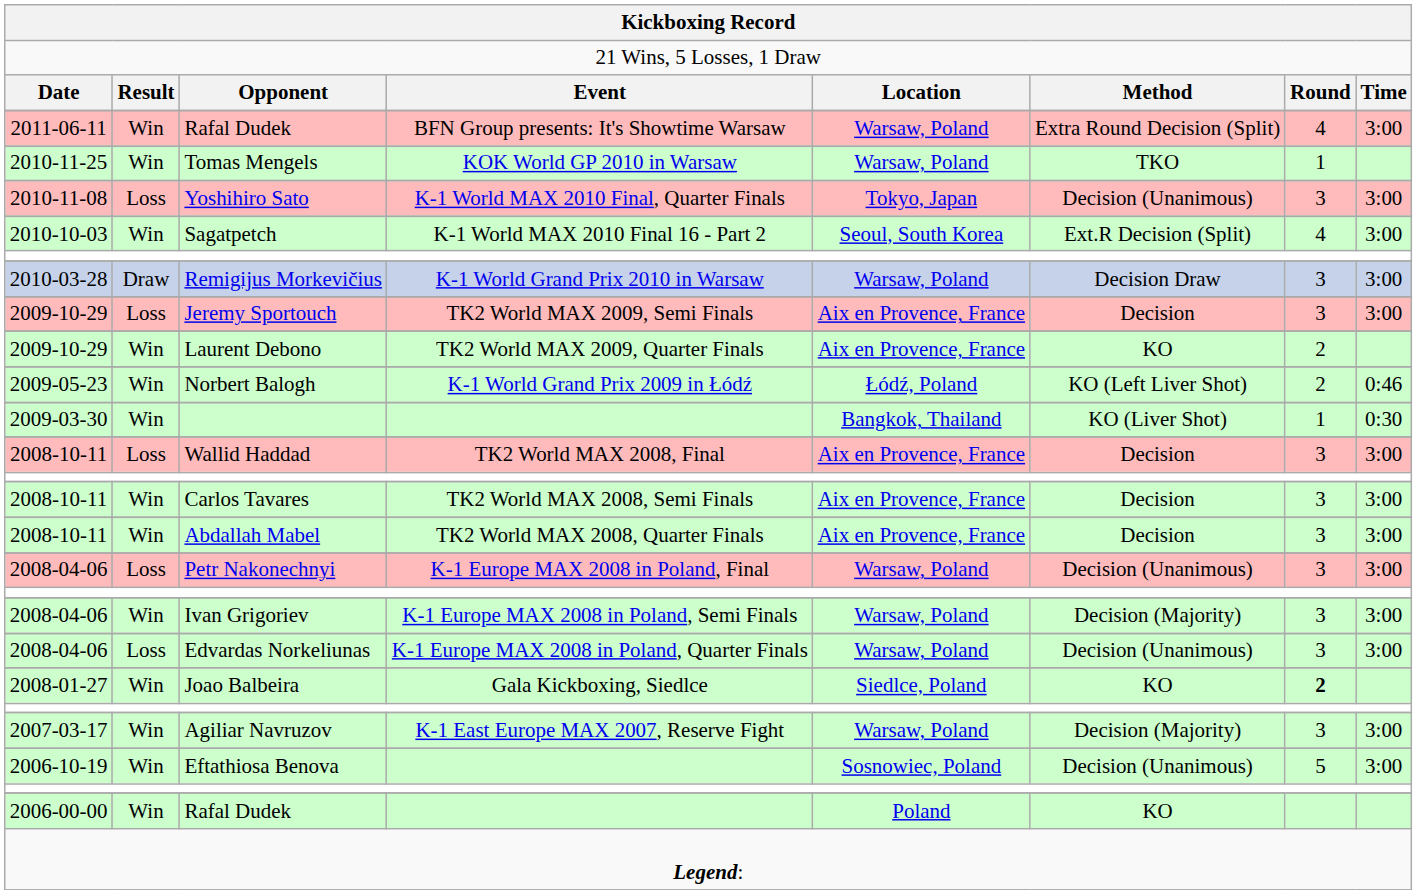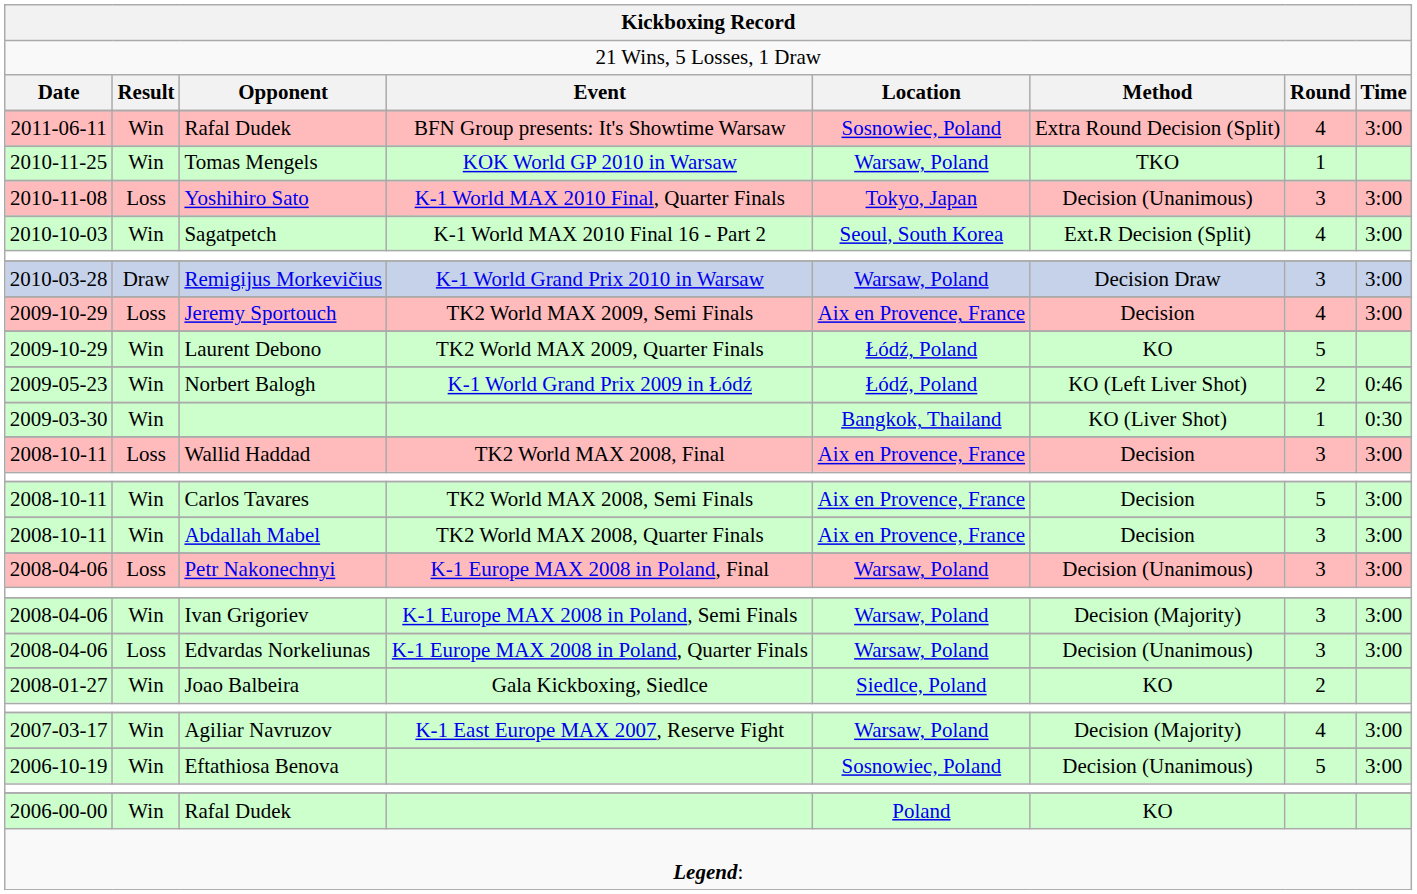 <table class="wikitable collapsible" style="text-align:center; font-size:88%;">
 <tr>
 <th colspan=8>Kickboxing Record</th>
 </tr>
 <tr valign="top">
 <td colspan=8>21 Wins, 5 Losses, 1 Draw</td>
 </tr>
 <tr>
 <th>Date</th>
 <th>Result</th>
 <th>Opponent</th>
 <th>Event</th>
 <th>Location</th>
 <th>Method</th>
 <th>Round</th>
 <th>Time</th>
 </tr>
 <tr>
 </tr>
 <tr bgcolor="#FFBBBB">
 <td>2011-06-11</td>
 <td>Win</td>
 <td align=left> Rafal Dudek</td>
 <td>BFN Group presents: It's Showtime Warsaw</td>
-<td><a href='#'>Warsaw, Poland</a></td>
+<td><a href='#'>Sosnowiec, Poland</a></td>
 <td>Extra Round Decision (Split)</td>
 <td>4</td>
 <td>3:00</td>
 </tr>
 <tr>
 </tr>
 <tr bgcolor="#CCFFCC">
 <td>2010-11-25</td>
 <td>Win</td>
 <td align=left> Tomas Mengels</td>
 <td><a href='#'>KOK World GP 2010 in Warsaw</a></td>
 <td><a href='#'>Warsaw, Poland</a></td>
 <td>TKO</td>
 <td>1</td>
 <td></td>
 </tr>
 <tr>
 </tr>
 <tr bgcolor="#FFBBBB">
 <td>2010-11-08</td>
 <td>Loss</td>
 <td align=left> <a href='#'>Yoshihiro Sato</a></td>
 <td><a href='#'>K-1 World MAX 2010 Final</a>, Quarter Finals</td>
 <td><a href='#'>Tokyo, Japan</a></td>
 <td>Decision (Unanimous)</td>
 <td>3</td>
 <td>3:00</td>
 </tr>
 <tr>
 </tr>
 <tr bgcolor="#CCFFCC">
 <td>2010-10-03</td>
 <td>Win</td>
 <td align=left> Sagatpetch</td>
 <td>K-1 World MAX 2010 Final 16 - Part 2</td>
 <td><a href='#'>Seoul, South Korea</a></td>
 <td>Ext.R Decision (Split)</td>
 <td>4</td>
 <td>3:00</td>
 </tr>
 <tr>
 <th style=background:white colspan=9></th>
 </tr>
 <tr>
 </tr>
 <tr bgcolor="#c5d2ea">
 <td>2010-03-28</td>
 <td>Draw</td>
 <td align=left> <a href='#'>Remigijus Morkevičius</a></td>
 <td><a href='#'>K-1 World Grand Prix 2010 in Warsaw</a></td>
 <td><a href='#'>Warsaw, Poland</a></td>
 <td>Decision Draw</td>
 <td>3</td>
 <td>3:00</td>
 </tr>
 <tr>
 </tr>
 <tr bgcolor="#FFBBBB">
 <td>2009-10-29</td>
 <td>Loss</td>
 <td align=left> <a href='#'>Jeremy Sportouch</a></td>
 <td>TK2 World MAX 2009, Semi Finals</td>
 <td><a href='#'>Aix en Provence, France</a></td>
 <td>Decision</td>
-<td>3</td>
+<td>4</td>
 <td>3:00</td>
 </tr>
 <tr>
 </tr>
 <tr bgcolor="#CCFFCC">
 <td>2009-10-29</td>
 <td>Win</td>
 <td align=left> Laurent Debono</td>
 <td>TK2 World MAX 2009, Quarter Finals</td>
-<td><a href='#'>Aix en Provence, France</a></td>
+<td><a href='#'>Łódź, Poland</a></td>
 <td>KO</td>
-<td>2</td>
+<td>5</td>
 <td></td>
 </tr>
 <tr>
 </tr>
 <tr bgcolor="#CCFFCC">
 <td>2009-05-23</td>
 <td>Win</td>
 <td align=left> Norbert Balogh</td>
 <td><a href='#'>K-1 World Grand Prix 2009 in Łódź</a></td>
 <td><a href='#'>Łódź, Poland</a></td>
 <td>KO (Left Liver Shot)</td>
 <td>2</td>
 <td>0:46</td>
 </tr>
 <tr>
 </tr>
 <tr bgcolor="#CCFFCC">
 <td>2009-03-30</td>
 <td>Win</td>
 <td align=left></td>
 <td></td>
 <td><a href='#'>Bangkok, Thailand</a></td>
 <td>KO (Liver Shot)</td>
 <td>1</td>
 <td>0:30</td>
 </tr>
 <tr>
 </tr>
 <tr bgcolor="#FFBBBB">
 <td>2008-10-11</td>
 <td>Loss</td>
 <td align=left> Wallid Haddad</td>
 <td>TK2 World MAX 2008, Final</td>
 <td><a href='#'>Aix en Provence, France</a></td>
 <td>Decision</td>
 <td>3</td>
 <td>3:00</td>
 </tr>
 <tr>
 <th style=background:white colspan=9></th>
 </tr>
 <tr>
 </tr>
 <tr bgcolor="#CCFFCC">
 <td>2008-10-11</td>
 <td>Win</td>
 <td align=left> Carlos Tavares</td>
 <td>TK2 World MAX 2008, Semi Finals</td>
 <td><a href='#'>Aix en Provence, France</a></td>
 <td>Decision</td>
-<td>3</td>
+<td>5</td>
 <td>3:00</td>
 </tr>
 <tr>
 </tr>
 <tr bgcolor="#CCFFCC">
 <td>2008-10-11</td>
 <td>Win</td>
 <td align=left> <a href='#'>Abdallah Mabel</a></td>
 <td>TK2 World MAX 2008, Quarter Finals</td>
 <td><a href='#'>Aix en Provence, France</a></td>
 <td>Decision</td>
 <td>3</td>
 <td>3:00</td>
 </tr>
 <tr>
 </tr>
 <tr bgcolor="#FFBBBB">
 <td>2008-04-06</td>
 <td>Loss</td>
 <td align=left> <a href='#'>Petr Nakonechnyi</a></td>
 <td><a href='#'>K-1 Europe MAX 2008 in Poland</a>, Final</td>
 <td><a href='#'>Warsaw, Poland</a></td>
 <td>Decision (Unanimous)</td>
 <td>3</td>
 <td>3:00</td>
 </tr>
 <tr>
 <th style=background:white colspan=9></th>
 </tr>
 <tr>
 </tr>
 <tr bgcolor="#CCFFCC">
 <td>2008-04-06</td>
 <td>Win</td>
 <td align=left> Ivan Grigoriev</td>
 <td><a href='#'>K-1 Europe MAX 2008 in Poland</a>, Semi Finals</td>
 <td><a href='#'>Warsaw, Poland</a></td>
 <td>Decision (Majority)</td>
 <td>3</td>
 <td>3:00</td>
 </tr>
 <tr>
 </tr>
 <tr bgcolor="#CCFFCC">
 <td>2008-04-06</td>
 <td>Loss</td>
 <td align=left> Edvardas Norkeliunas</td>
 <td><a href='#'>K-1 Europe MAX 2008 in Poland</a>, Quarter Finals</td>
 <td><a href='#'>Warsaw, Poland</a></td>
 <td>Decision (Unanimous)</td>
 <td>3</td>
 <td>3:00</td>
 </tr>
 <tr>
 </tr>
 <tr bgcolor="#CCFFCC">
 <td>2008-01-27</td>
 <td>Win</td>
 <td align=left> Joao Balbeira</td>
 <td>Gala Kickboxing, Siedlce</td>
 <td><a href='#'>Siedlce, Poland</a></td>
 <td>KO</td>
-<td><strong>2</strong></td>
+<td>2</td>
 <td></td>
 </tr>
 <tr>
 <th style=background:white colspan=9></th>
 </tr>
 <tr>
 </tr>
 <tr bgcolor="#CCFFCC">
 <td>2007-03-17</td>
 <td>Win</td>
 <td align=left> Agiliar Navruzov</td>
 <td><a href='#'>K-1 East Europe MAX 2007</a>, Reserve Fight</td>
 <td><a href='#'>Warsaw, Poland</a></td>
 <td>Decision (Majority)</td>
-<td>3</td>
+<td>4</td>
 <td>3:00</td>
 </tr>
 <tr>
 </tr>
 <tr bgcolor="#CCFFCC">
 <td>2006-10-19</td>
 <td>Win</td>
 <td align=left> Eftathiosa Benova</td>
 <td></td>
 <td><a href='#'>Sosnowiec, Poland</a></td>
 <td>Decision (Unanimous)</td>
 <td>5</td>
 <td>3:00</td>
 </tr>
 <tr>
 <th style=background:white colspan=9></th>
 </tr>
 <tr>
 </tr>
 <tr bgcolor="#CCFFCC">
 <td>2006-00-00</td>
 <td>Win</td>
 <td align=left> Rafal Dudek</td>
 <td></td>
 <td><a href='#'>Poland</a></td>
 <td>KO</td>
 <td></td>
 <td></td>
 </tr>
 <tr>
 <td colspan=8><br><strong><em>Legend</em></strong>:    </td>
 </tr>
 </table>
